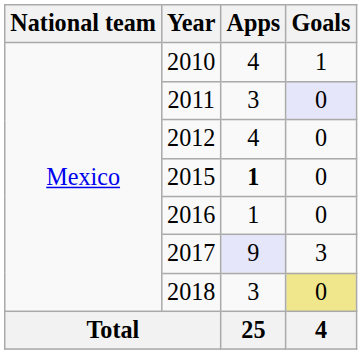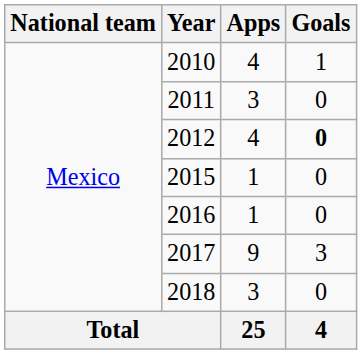 <table class="wikitable" style="text-align: center;">
 <tr>
 <th>National team</th>
 <th>Year</th>
 <th>Apps</th>
 <th>Goals</th>
 </tr>
 <tr>
 <td rowspan="7" valign="center"><a href='#'>Mexico</a></td>
 <td>2010</td>
 <td>4</td>
 <td>1</td>
 </tr>
 <tr>
 <td>2011</td>
 <td>3</td>
-<td style="background: lavender;">0</td>
+<td>0</td>
 </tr>
 <tr>
 <td>2012</td>
 <td>4</td>
-<td>0</td>
+<td><strong>0</strong></td>
 </tr>
 <tr>
 <td>2015</td>
-<td><strong>1</strong></td>
+<td>1</td>
 <td>0</td>
 </tr>
 <tr>
 <td>2016</td>
 <td>1</td>
 <td>0</td>
 </tr>
 <tr>
 <td>2017</td>
-<td style="background: lavender;">9</td>
+<td>9</td>
 <td>3</td>
 </tr>
 <tr>
 <td>2018</td>
 <td>3</td>
-<td style="background: khaki;">0</td>
+<td>0</td>
 </tr>
 <tr>
 <th colspan="2">Total</th>
 <th>25</th>
 <th>4</th>
 </tr>
 </table>
